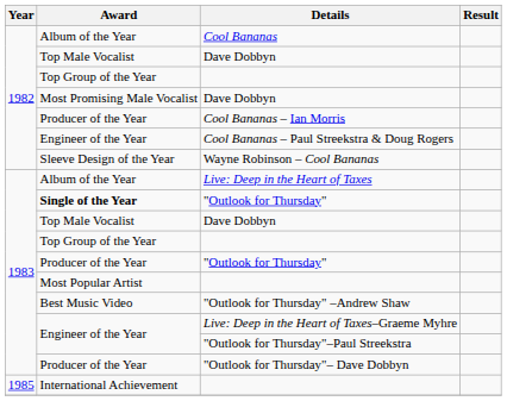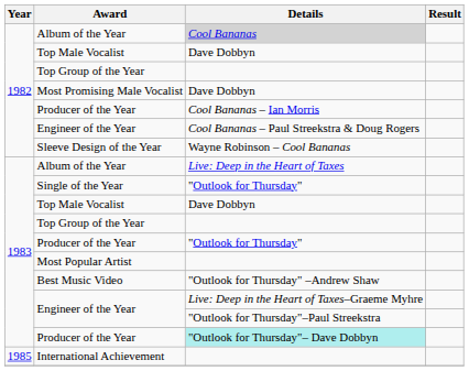 <table class="wikitable sortable">
 <tr>
 <th>Year</th>
 <th>Award</th>
 <th>Details</th>
 <th>Result</th>
 </tr>
 <tr>
 <td rowspan=7><a href='#'>1982</a></td>
 <td>Album of the Year</td>
-<td><em><a href='#'>Cool Bananas</a></em></td>
+<td style="background: lightgrey;"><em><a href='#'>Cool Bananas</a></em></td>
 <td></td>
 </tr>
 <tr>
 <td>Top Male Vocalist</td>
 <td>Dave Dobbyn</td>
 <td></td>
 </tr>
 <tr>
 <td>Top Group of the Year</td>
 <td></td>
 <td></td>
 </tr>
 <tr>
 <td>Most Promising Male Vocalist</td>
 <td>Dave Dobbyn</td>
 <td></td>
 </tr>
 <tr>
 <td>Producer of the Year</td>
 <td><em>Cool Bananas</em> – <a href='#'>Ian Morris</a></td>
 <td></td>
 </tr>
 <tr>
 <td>Engineer of the Year</td>
 <td><em>Cool Bananas</em> – Paul Streekstra & Doug Rogers</td>
 <td></td>
 </tr>
 <tr>
 <td>Sleeve Design of the Year</td>
 <td>Wayne Robinson – <em>Cool Bananas</em></td>
 <td></td>
 </tr>
 <tr>
 <td rowspan=10><a href='#'>1983</a></td>
 <td>Album of the Year</td>
 <td><em><a href='#'>Live: Deep in the Heart of Taxes</a></em></td>
 <td></td>
 </tr>
 <tr>
-<td><strong>Single of the Year</strong></td>
+<td>Single of the Year</td>
 <td>"<a href='#'>Outlook for Thursday</a>"</td>
 <td></td>
 </tr>
 <tr>
 <td>Top Male Vocalist</td>
 <td>Dave Dobbyn</td>
 <td></td>
 </tr>
 <tr>
 <td>Top Group of the Year</td>
 <td></td>
 <td></td>
 </tr>
 <tr>
 <td>Producer of the Year</td>
 <td>"<a href='#'>Outlook for Thursday</a>"</td>
 <td></td>
 </tr>
 <tr>
 <td>Most Popular Artist</td>
 <td></td>
 <td></td>
 </tr>
 <tr>
 <td>Best Music Video</td>
 <td>"Outlook for Thursday" –Andrew Shaw</td>
 <td></td>
 </tr>
 <tr>
 <td rowspan=2>Engineer of the Year</td>
 <td><em>Live: Deep in the Heart of Taxes</em>–Graeme Myhre</td>
 <td></td>
 </tr>
 <tr>
 <td>"Outlook for Thursday"–Paul Streekstra</td>
 <td></td>
 </tr>
 <tr>
 <td>Producer of the Year</td>
-<td>"Outlook for Thursday"– Dave Dobbyn</td>
+<td style="background: paleturquoise;">"Outlook for Thursday"– Dave Dobbyn</td>
 <td></td>
 </tr>
 <tr>
 <td><a href='#'>1985</a></td>
 <td>International Achievement</td>
 <td></td>
 <td></td>
 </tr>
 <tr>
 </tr>
 </table>
